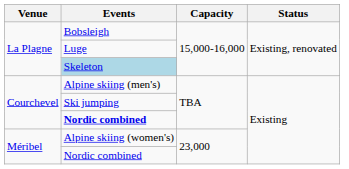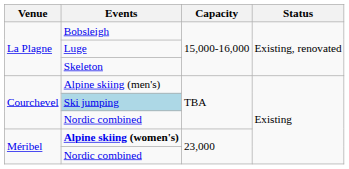 <table class="wikitable sortable">
 <tr>
 <th>Venue</th>
 <th>Events</th>
 <th>Capacity</th>
 <th>Status</th>
 </tr>
 <tr>
 <td rowspan="3"><a href='#'>La Plagne</a></td>
 <td><a href='#'>Bobsleigh</a></td>
 <td rowspan="3">15,000-16,000</td>
 <td rowspan="3">Existing, renovated</td>
 </tr>
 <tr>
 <td><a href='#'>Luge</a></td>
 </tr>
 <tr>
-<td style="background: lightblue;"><a href='#'>Skeleton</a></td>
+<td><a href='#'>Skeleton</a></td>
 </tr>
 <tr>
 <td rowspan="3"><a href='#'>Courchevel</a></td>
 <td><a href='#'>Alpine skiing</a> (men's)</td>
 <td rowspan="3">TBA</td>
 <td rowspan="5">Existing</td>
 </tr>
 <tr>
-<td><a href='#'>Ski jumping</a></td>
+<td style="background: lightblue;"><a href='#'>Ski jumping</a></td>
 </tr>
 <tr>
-<td><strong><a href='#'>Nordic combined</a></strong></td>
+<td><a href='#'>Nordic combined</a></td>
 </tr>
 <tr>
 <td rowspan="2"><a href='#'>Méribel</a></td>
-<td><a href='#'>Alpine skiing</a> (women's)</td>
+<td><strong><a href='#'>Alpine skiing</a> (women's)</strong></td>
 <td rowspan="2">23,000</td>
 </tr>
 <tr>
 <td><a href='#'>Nordic combined</a></td>
 </tr>
 </table>
